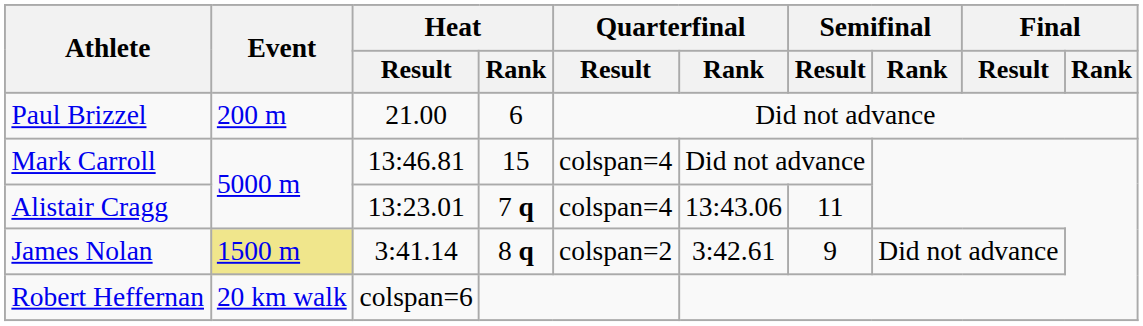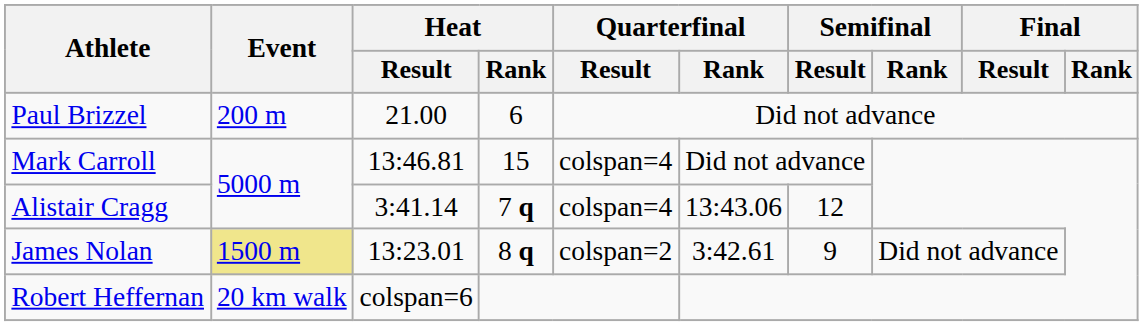 <table class=wikitable style="font-size:90%">
 <tr>
 <th rowspan="2">Athlete</th>
 <th rowspan="2">Event</th>
 <th colspan="2">Heat</th>
 <th colspan="2">Quarterfinal</th>
 <th colspan="2">Semifinal</th>
 <th colspan="2">Final</th>
 </tr>
 <tr style="font-size:95%">
 <th>Result</th>
 <th>Rank</th>
 <th>Result</th>
 <th>Rank</th>
 <th>Result</th>
 <th>Rank</th>
 <th>Result</th>
 <th>Rank</th>
 </tr>
 <tr align=center>
 <td align=left><a href='#'>Paul Brizzel</a></td>
 <td align=left><a href='#'>200 m</a></td>
 <td>21.00</td>
 <td>6</td>
 <td colspan=6>Did not advance</td>
 </tr>
 <tr align=center>
 <td align=left><a href='#'>Mark Carroll</a></td>
 <td align=left rowspan=2><a href='#'>5000 m</a></td>
 <td>13:46.81</td>
 <td>15</td>
 <td>colspan=4 </td>
 <td colspan=2>Did not advance</td>
 </tr>
 <tr align=center>
 <td align=left><a href='#'>Alistair Cragg</a></td>
-<td>13:23.01</td>
+<td>3:41.14</td>
 <td>7 <strong>q</strong></td>
 <td>colspan=4 </td>
 <td>13:43.06</td>
-<td>11</td>
+<td>12</td>
 </tr>
 <tr align=center>
 <td align=left><a href='#'>James Nolan</a></td>
 <td align=left style="background: khaki;"><a href='#'>1500 m</a></td>
-<td>3:41.14</td>
+<td>13:23.01</td>
 <td>8 <strong>q</strong></td>
 <td>colspan=2 </td>
 <td>3:42.61</td>
 <td>9</td>
 <td colspan=2>Did not advance</td>
 </tr>
 <tr align=center>
 <td align=left><a href='#'>Robert Heffernan</a></td>
 <td align=left><a href='#'>20 km walk</a></td>
 <td>colspan=6 </td>
 <td colspan=2></td>
 </tr>
 </table>
